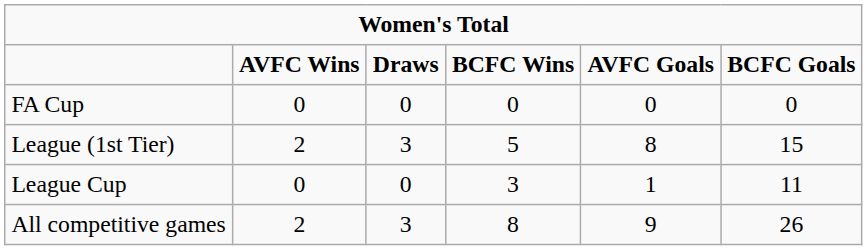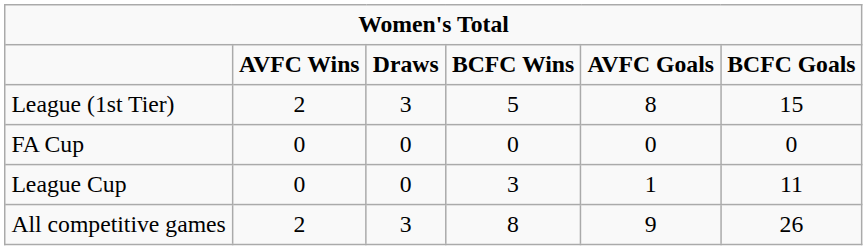 <table border="2" cellpadding="4" cellspacing="0" style="text-align=center: 1em 1em 1em 0; background: #f9f9f9; border: 1px #aaa solid; border-collapse: collapse;">
 <tr>
 <th colspan=6 align=center>Women's Total</th>
 </tr>
 <tr>
 <th></th>
 <th>AVFC Wins</th>
 <th>Draws</th>
 <th>BCFC Wins</th>
 <th>AVFC Goals</th>
 <th>BCFC Goals</th>
 </tr>
 <tr>
+<td>League (1st Tier)</td>
+<td align=center>2</td>
+<td align="center">3</td>
+<td align="center">5</td>
+<td align="center">8</td>
+<td align="center">15</td>
+</tr>
+<tr>
 <td>FA Cup</td>
 <td align="center">0</td>
 <td align="center">0</td>
 <td align="center">0</td>
 <td align="center">0</td>
 <td align="center">0</td>
-</tr>
-<tr>
-<td>League (1st Tier)</td>
-<td align=center>2</td>
-<td align="center">3</td>
-<td align="center">5</td>
-<td align="center">8</td>
-<td align="center">15</td>
 </tr>
 <tr>
 <td>League Cup</td>
 <td align="center">0</td>
 <td align="center">0</td>
 <td align="center">3</td>
 <td align="center">1</td>
 <td align="center">11</td>
 </tr>
 <tr>
 <td>All competitive games</td>
 <td align="center">2</td>
 <td align="center">3</td>
 <td align="center">8</td>
 <td align="center">9</td>
 <td align="center">26</td>
 </tr>
 </table>
